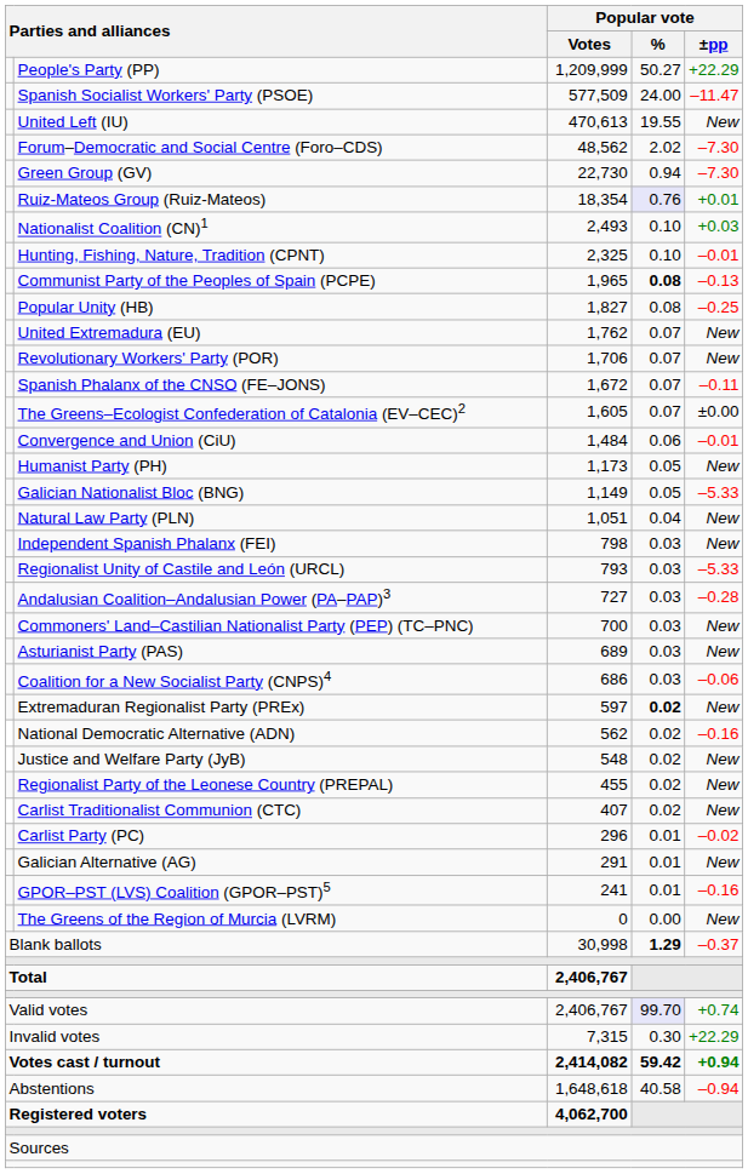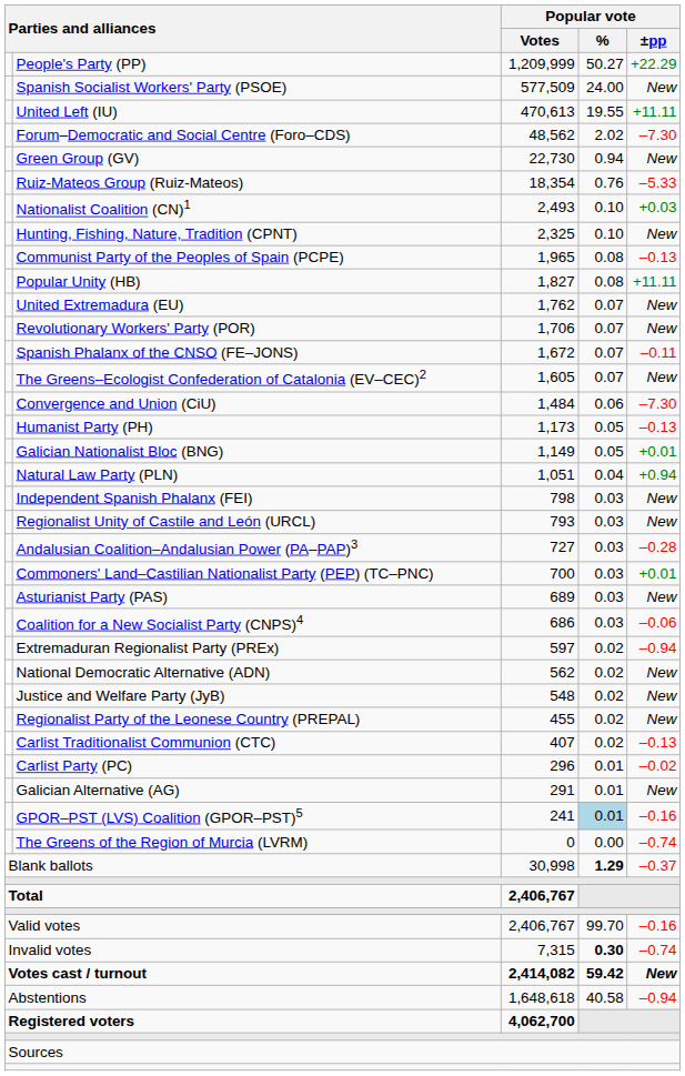 <table class="wikitable" style="text-align:right">
 <tr>
 <th style="text-align:left;" rowspan="2" colspan="2" width="525">Parties and alliances</th>
 <th colspan="3">Popular vote</th>
 </tr>
 <tr>
 <th width="75">Votes</th>
 <th width="45">%</th>
 <th width="45">±<a href='#'>pp</a></th>
 </tr>
 <tr>
 <td width="1" style="color:inherit;background:"></td>
 <td align="left"><a href='#'>People's Party</a> (PP)</td>
 <td>1,209,999</td>
 <td>50.27</td>
 <td style="color:green;">+22.29</td>
 </tr>
 <tr>
 <td style="color:inherit;background:"></td>
 <td align="left"><a href='#'>Spanish Socialist Workers' Party</a> (PSOE)</td>
 <td>577,509</td>
 <td>24.00</td>
-<td style="color:red;">–11.47</td>
+<td><em>New</em></td>
 </tr>
 <tr>
 <td style="color:inherit;background:"></td>
 <td align="left"><a href='#'>United Left</a> (IU)</td>
 <td>470,613</td>
 <td>19.55</td>
-<td><em>New</em></td>
+<td style="color:green;">+11.11</td>
 </tr>
 <tr>
 <td style="color:inherit;background:"></td>
 <td align="left"><a href='#'>Forum</a>–<a href='#'>Democratic and Social Centre</a> (Foro–CDS)</td>
 <td>48,562</td>
 <td>2.02</td>
 <td style="color:red;">–7.30</td>
 </tr>
 <tr>
 <td style="color:inherit;background:"></td>
 <td align="left"><a href='#'>Green Group</a> (GV)</td>
 <td>22,730</td>
 <td>0.94</td>
-<td style="color:red;">–7.30</td>
+<td><em>New</em></td>
 </tr>
 <tr>
 <td style="color:inherit;background:"></td>
 <td align="left"><a href='#'>Ruiz-Mateos Group</a> (Ruiz-Mateos)</td>
 <td>18,354</td>
-<td style="background: lavender;">0.76</td>
-<td style="color:green;">+0.01</td>
+<td>0.76</td>
+<td style="color:red;">–5.33</td>
 </tr>
 <tr>
 <td style="color:inherit;background:"></td>
 <td align="left"><a href='#'>Nationalist Coalition</a> (CN)<sup>1</sup></td>
 <td>2,493</td>
 <td>0.10</td>
 <td style="color:green;">+0.03</td>
 </tr>
 <tr>
 <td style="color:inherit;background:"></td>
 <td align="left"><a href='#'>Hunting, Fishing, Nature, Tradition</a> (CPNT)</td>
 <td>2,325</td>
 <td>0.10</td>
-<td style="color:red;">–0.01</td>
+<td><em>New</em></td>
 </tr>
 <tr>
 <td style="color:inherit;background:"></td>
 <td align="left"><a href='#'>Communist Party of the Peoples of Spain</a> (PCPE)</td>
 <td>1,965</td>
-<td><strong>0.08</strong></td>
+<td>0.08</td>
 <td style="color:red;">–0.13</td>
 </tr>
 <tr>
 <td style="color:inherit;background:"></td>
 <td align="left"><a href='#'>Popular Unity</a> (HB)</td>
 <td>1,827</td>
 <td>0.08</td>
-<td style="color:red;">–0.25</td>
+<td style="color:green;">+11.11</td>
 </tr>
 <tr>
 <td style="color:inherit;background:"></td>
 <td align="left"><a href='#'>United Extremadura</a> (EU)</td>
 <td>1,762</td>
 <td>0.07</td>
 <td><em>New</em></td>
 </tr>
 <tr>
 <td style="color:inherit;background:"></td>
 <td align="left"><a href='#'>Revolutionary Workers' Party</a> (POR)</td>
 <td>1,706</td>
 <td>0.07</td>
 <td><em>New</em></td>
 </tr>
 <tr>
 <td style="color:inherit;background:"></td>
 <td align="left"><a href='#'>Spanish Phalanx of the CNSO</a> (FE–JONS)</td>
 <td>1,672</td>
 <td>0.07</td>
 <td style="color:red;">–0.11</td>
 </tr>
 <tr>
 <td style="color:inherit;background:"></td>
 <td align="left"><a href='#'>The Greens–Ecologist Confederation of Catalonia</a> (EV–CEC)<sup>2</sup></td>
 <td>1,605</td>
 <td>0.07</td>
-<td>±0.00</td>
+<td><em>New</em></td>
 </tr>
 <tr>
 <td style="color:inherit;background:"></td>
 <td align="left"><a href='#'>Convergence and Union</a> (CiU)</td>
 <td>1,484</td>
 <td>0.06</td>
-<td style="color:red;">–0.01</td>
+<td style="color:red;">–7.30</td>
 </tr>
 <tr>
 <td style="color:inherit;background:"></td>
 <td align="left"><a href='#'>Humanist Party</a> (PH)</td>
 <td>1,173</td>
 <td>0.05</td>
-<td><em>New</em></td>
+<td style="color:red;">–0.13</td>
 </tr>
 <tr>
 <td style="color:inherit;background:"></td>
 <td align="left"><a href='#'>Galician Nationalist Bloc</a> (BNG)</td>
 <td>1,149</td>
 <td>0.05</td>
-<td style="color:red;">–5.33</td>
+<td style="color:green;">+0.01</td>
 </tr>
 <tr>
 <td style="color:inherit;background:"></td>
 <td align="left"><a href='#'>Natural Law Party</a> (PLN)</td>
 <td>1,051</td>
 <td>0.04</td>
-<td><em>New</em></td>
+<td style="color:green;">+0.94</td>
 </tr>
 <tr>
 <td style="color:inherit;background:"></td>
 <td align="left"><a href='#'>Independent Spanish Phalanx</a> (FEI)</td>
 <td>798</td>
 <td>0.03</td>
 <td><em>New</em></td>
 </tr>
 <tr>
 <td style="color:inherit;background:"></td>
 <td align="left"><a href='#'>Regionalist Unity of Castile and León</a> (URCL)</td>
 <td>793</td>
 <td>0.03</td>
-<td style="color:red;">–5.33</td>
+<td><em>New</em></td>
 </tr>
 <tr>
 <td style="color:inherit;background:"></td>
 <td align="left"><a href='#'>Andalusian Coalition–Andalusian Power</a> (<a href='#'>PA</a>–<a href='#'>PAP</a>)<sup>3</sup></td>
 <td>727</td>
 <td>0.03</td>
 <td style="color:red;">–0.28</td>
 </tr>
 <tr>
 <td style="color:inherit;background:"></td>
 <td align="left"><a href='#'>Commoners' Land–Castilian Nationalist Party</a> (<a href='#'>PEP</a>) (TC–PNC)</td>
 <td>700</td>
 <td>0.03</td>
-<td><em>New</em></td>
+<td style="color:green;">+0.01</td>
 </tr>
 <tr>
 <td style="color:inherit;background:"></td>
 <td align="left"><a href='#'>Asturianist Party</a> (PAS)</td>
 <td>689</td>
 <td>0.03</td>
 <td><em>New</em></td>
 </tr>
 <tr>
 <td style="color:inherit;background:"></td>
 <td align="left"><a href='#'>Coalition for a New Socialist Party</a> (CNPS)<sup>4</sup></td>
 <td>686</td>
 <td>0.03</td>
 <td style="color:red;">–0.06</td>
 </tr>
 <tr>
 <td style="color:inherit;background:"></td>
 <td align="left">Extremaduran Regionalist Party (PREx)</td>
 <td>597</td>
-<td><strong>0.02</strong></td>
-<td><em>New</em></td>
+<td>0.02</td>
+<td style="color:red;">–0.94</td>
 </tr>
 <tr>
 <td bgcolor="white"></td>
 <td align="left">National Democratic Alternative (ADN)</td>
 <td>562</td>
 <td>0.02</td>
-<td style="color:red;">–0.16</td>
+<td><em>New</em></td>
 </tr>
 <tr>
 <td bgcolor="white"></td>
 <td align="left">Justice and Welfare Party (JyB)</td>
 <td>548</td>
 <td>0.02</td>
 <td><em>New</em></td>
 </tr>
 <tr>
 <td style="color:inherit;background:"></td>
 <td align="left"><a href='#'>Regionalist Party of the Leonese Country</a> (PREPAL)</td>
 <td>455</td>
 <td>0.02</td>
 <td><em>New</em></td>
 </tr>
 <tr>
 <td bgcolor="white"></td>
 <td align="left"><a href='#'>Carlist Traditionalist Communion</a> (CTC)</td>
 <td>407</td>
 <td>0.02</td>
-<td><em>New</em></td>
+<td style="color:red;">–0.13</td>
 </tr>
 <tr>
 <td style="color:inherit;background:"></td>
 <td align="left"><a href='#'>Carlist Party</a> (PC)</td>
 <td>296</td>
 <td>0.01</td>
 <td style="color:red;">–0.02</td>
 </tr>
 <tr>
 <td style="color:inherit;background:"></td>
 <td align="left">Galician Alternative (AG)</td>
 <td>291</td>
 <td>0.01</td>
 <td><em>New</em></td>
 </tr>
 <tr>
 <td style="color:inherit;background:"></td>
 <td align="left"><a href='#'>GPOR–PST (LVS) Coalition</a> (GPOR–PST)<sup>5</sup></td>
 <td>241</td>
-<td>0.01</td>
+<td style="background: lightblue;">0.01</td>
 <td style="color:red;">–0.16</td>
 </tr>
 <tr>
 <td style="color:inherit;background:"></td>
 <td align="left"><a href='#'>The Greens of the Region of Murcia</a> (LVRM)</td>
 <td>0</td>
 <td>0.00</td>
-<td><em>New</em></td>
+<td style="color:red;">–0.74</td>
 </tr>
 <tr>
 <td align="left" colspan="2">Blank ballots</td>
 <td>30,998</td>
 <td><strong>1.29</strong></td>
 <td style="color:red;">–0.37</td>
 </tr>
 <tr>
 <td colspan="5" bgcolor="#E9E9E9"></td>
 </tr>
 <tr style="font-weight:bold;">
 <td align="left" colspan="2">Total</td>
 <td>2,406,767</td>
 <td bgcolor="#E9E9E9" colspan="2"></td>
 </tr>
 <tr>
 <td colspan="5" bgcolor="#E9E9E9"></td>
 </tr>
 <tr>
 <td align="left" colspan="2">Valid votes</td>
 <td>2,406,767</td>
-<td style="background: lavender;">99.70</td>
-<td style="color:green;">+0.74</td>
+<td>99.70</td>
+<td style="color:red;">–0.16</td>
 </tr>
 <tr>
 <td align="left" colspan="2">Invalid votes</td>
 <td>7,315</td>
-<td>0.30</td>
-<td style="color:green;">+22.29</td>
+<td><strong>0.30</strong></td>
+<td style="color:red;">–0.74</td>
 </tr>
 <tr style="font-weight:bold;">
 <td align="left" colspan="2">Votes cast / turnout</td>
 <td>2,414,082</td>
 <td>59.42</td>
-<td style="color:green;">+0.94</td>
+<td><em>New</em></td>
 </tr>
 <tr>
 <td align="left" colspan="2">Abstentions</td>
 <td>1,648,618</td>
 <td>40.58</td>
 <td style="color:red;">–0.94</td>
 </tr>
 <tr style="font-weight:bold;">
 <td align="left" colspan="2">Registered voters</td>
 <td>4,062,700</td>
 <td bgcolor="#E9E9E9" colspan="2"></td>
 </tr>
 <tr>
 <td colspan="5" bgcolor="#E9E9E9"></td>
 </tr>
 <tr>
 <td align="left" colspan="5">Sources</td>
 </tr>
 <tr>
 <td colspan="5" style="text-align:left; max-width:680px;"></td>
 </tr>
 </table>
